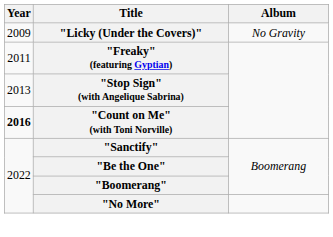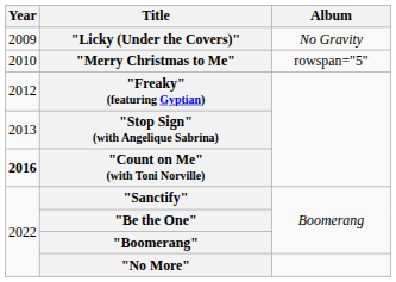 <table class="wikitable plainrowheaders" style="text-align:center;">
 <tr>
 <th style="width:1em;">Year</th>
 <th style="width:16em;">Title</th>
 <th style="width:8em;">Album</th>
 </tr>
 <tr>
 <td>2009</td>
 <th scope="row">"Licky (Under the Covers)"</th>
 <td><em>No Gravity</em></td>
 </tr>
 <tr>
-<td>2011</td>
+<td>2010</td>
+<th scope="row">"Merry Christmas to Me"</th>
+<td>rowspan="5" </td>
+</tr>
+<tr>
+<td>2012</td>
 <th scope="row">"Freaky"<br><small>(featuring <a href='#'>Gyptian</a>)</small></th>
 </tr>
 <tr>
 <td>2013</td>
 <th scope="row">"Stop Sign"<br><small>(with Angelique Sabrina)</small></th>
 </tr>
 <tr>
 <td><strong>2016</strong></td>
 <th scope="row">"Count on Me"<br><small>(with Toni Norville)</small></th>
 </tr>
 <tr>
 <td rowspan="4">2022</td>
 <th scope="row">"Sanctify"</th>
 <td rowspan="3"><em>Boomerang</em></td>
 </tr>
 <tr>
 <th scope="row">"Be the One"</th>
 </tr>
 <tr>
 <th scope="row">"Boomerang"</th>
 </tr>
 <tr>
 <th scope="row">"No More"</th>
 <td></td>
 </tr>
 </table>
